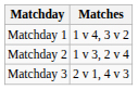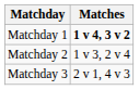 <table class="wikitable">
 <tr>
 <th>Matchday</th>
 <th>Matches</th>
 </tr>
 <tr>
 <td>Matchday 1</td>
-<td>1 v 4, 3 v 2</td>
+<td><strong>1 v 4, 3 v 2</strong></td>
 </tr>
 <tr>
 <td>Matchday 2</td>
 <td>1 v 3, 2 v 4</td>
 </tr>
 <tr>
 <td>Matchday 3</td>
 <td>2 v 1, 4 v 3</td>
 </tr>
 </table>
